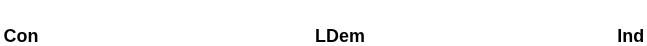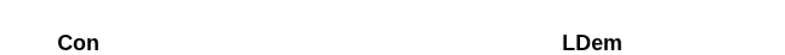 <table style="width:60%; text-align:center;">
 <tr style="color:white;">
 <td style="background:"><strong>34</strong></td>
 <td style="background:"><strong>8</strong></td>
-<td style="background:"><strong>2</strong></td>
 </tr>
 <tr>
 <td><span><strong>Con</strong></span></td>
 <td><span><strong>LDem</strong></span></td>
-<td><span><strong>Ind</strong></span></td>
 </tr>
 </table>
